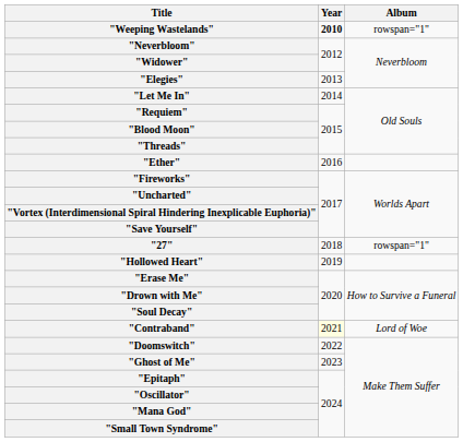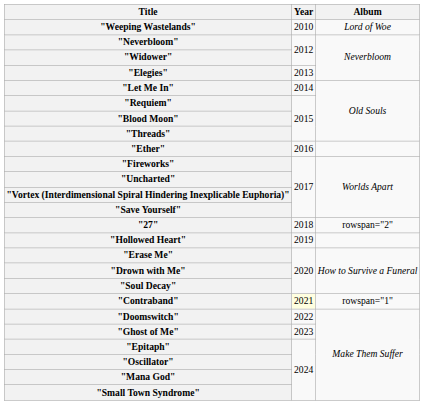 <table class="wikitable plainrowheaders" style="text-align:center;">
 <tr>
 <th>Title</th>
 <th>Year</th>
 <th>Album</th>
 </tr>
 <tr>
 <th scope="row">"Weeping Wastelands"</th>
-<td><strong>2010</strong></td>
-<td>rowspan="1" </td>
+<td>2010</td>
+<td><em>Lord of Woe</em></td>
 </tr>
 <tr>
 <th scope="row">"Neverbloom"</th>
 <td rowspan="2">2012</td>
 <td rowspan="3"><em>Neverbloom</em></td>
 </tr>
 <tr>
 <th scope="row">"Widower"</th>
 </tr>
 <tr>
 <th scope="row">"Elegies"</th>
 <td>2013</td>
 </tr>
 <tr>
 <th scope="row">"Let Me In"</th>
 <td>2014</td>
 <td rowspan="4"><em>Old Souls</em></td>
 </tr>
 <tr>
 <th scope="row">"Requiem"</th>
 <td rowspan="3">2015</td>
 </tr>
 <tr>
 <th scope="row">"Blood Moon"</th>
 </tr>
 <tr>
 <th scope="row">"Threads"</th>
 </tr>
 <tr>
 <th scope="row">"Ether"</th>
 <td>2016</td>
 <td></td>
 </tr>
 <tr>
 <th scope="row">"Fireworks"</th>
 <td rowspan="4">2017</td>
 <td rowspan="4"><em>Worlds Apart</em></td>
 </tr>
 <tr>
 <th scope="row">"Uncharted"</th>
 </tr>
 <tr>
 <th scope="row">"Vortex (Interdimensional Spiral Hindering Inexplicable Euphoria)"</th>
 </tr>
 <tr>
 <th scope="row">"Save Yourself"</th>
 </tr>
 <tr>
 <th scope="row">"27"</th>
 <td>2018</td>
-<td>rowspan="1" </td>
+<td>rowspan="2" </td>
 </tr>
 <tr>
 <th scope="row">"Hollowed Heart"</th>
 <td>2019</td>
 </tr>
 <tr>
 <th scope="row">"Erase Me"</th>
 <td rowspan="3">2020</td>
 <td rowspan="3"><em>How to Survive a Funeral</em></td>
 </tr>
 <tr>
 <th scope="row">"Drown with Me"</th>
 </tr>
 <tr>
 <th scope="row">"Soul Decay"</th>
 </tr>
 <tr>
 <th scope="row">"Contraband"<br></th>
 <td style="background: lightyellow;">2021</td>
-<td><em>Lord of Woe</em></td>
+<td>rowspan="1" </td>
 </tr>
 <tr>
 <th scope="row">"Doomswitch"</th>
 <td>2022</td>
 <td rowspan="6"><em>Make Them Suffer</em></td>
 </tr>
 <tr>
 <th scope="row">"Ghost of Me"</th>
 <td>2023</td>
 </tr>
 <tr>
 <th scope="row">"Epitaph"</th>
 <td rowspan="4">2024</td>
 </tr>
 <tr>
 <th scope="row">"Oscillator"</th>
 </tr>
 <tr>
 <th scope="row">"Mana God"</th>
 </tr>
 <tr>
 <th scope="row">"Small Town Syndrome"</th>
 </tr>
 </table>
